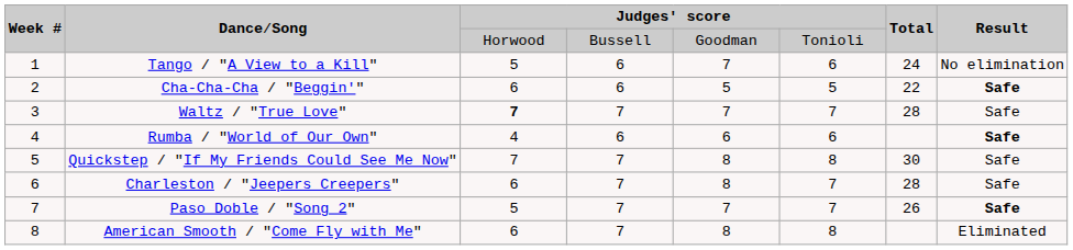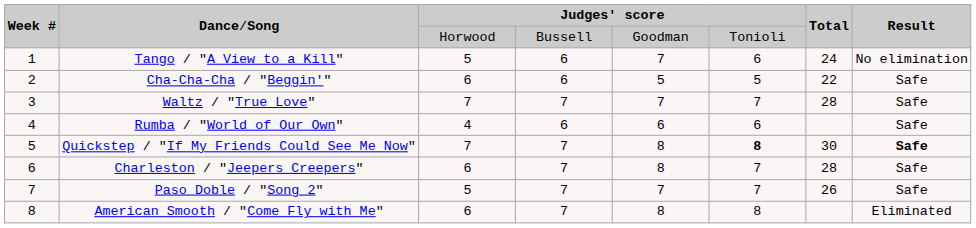 <table class="wikitable" style="margin:left;">
 <tr style="text-align:Center; background:#ccc;">
 <td rowspan="2"><strong>Week #</strong></td>
 <td rowspan="2"><strong>Dance</strong>/<strong>Song</strong></td>
 <td colspan="4"><strong>Judges' score</strong></td>
 <td rowspan="2"><strong>Total</strong></td>
 <td rowspan="2"><strong>Result</strong></td>
 </tr>
 <tr style="text-align:center; background:#ccc;">
 <td style="width:10%; ">Horwood</td>
 <td style="width:10%; ">Bussell</td>
 <td style="width:10%; ">Goodman</td>
 <td style="width:10%; ">Tonioli</td>
 </tr>
 <tr style="text-align:center; background:#faf6f6;">
 <td>1</td>
 <td><a href='#'>Tango</a> / "<a href='#'>A View to a Kill</a>"</td>
 <td>5</td>
 <td>6</td>
 <td>7</td>
 <td>6</td>
 <td>24</td>
 <td>No elimination</td>
 </tr>
 <tr style="text-align:center; background:#faf6f6;">
 <td>2</td>
 <td><a href='#'>Cha-Cha-Cha</a> / "<a href='#'>Beggin'</a>"</td>
 <td>6</td>
 <td>6</td>
 <td>5</td>
 <td>5</td>
 <td>22</td>
-<td><strong>Safe</strong></td>
+<td>Safe</td>
 </tr>
 <tr style="text-align:center; background:#faf6f6;">
 <td>3</td>
 <td><a href='#'>Waltz</a> / "<a href='#'>True Love</a>"</td>
-<td><strong>7</strong></td>
+<td>7</td>
 <td>7</td>
 <td>7</td>
 <td>7</td>
 <td>28</td>
 <td>Safe</td>
 </tr>
 <tr style="text-align:center; background:#faf6f6;">
 <td>4</td>
 <td><a href='#'>Rumba</a> / "<a href='#'>World of Our Own</a>"</td>
 <td>4</td>
 <td>6</td>
 <td>6</td>
 <td>6</td>
 <td></td>
-<td><strong>Safe</strong></td>
+<td>Safe</td>
 </tr>
 <tr style="text-align:center; background:#faf6f6;">
 <td>5</td>
 <td><a href='#'>Quickstep</a> / "<a href='#'>If My Friends Could See Me Now</a>"</td>
 <td>7</td>
 <td>7</td>
 <td>8</td>
-<td>8</td>
+<td><strong>8</strong></td>
 <td>30</td>
-<td>Safe</td>
+<td><strong>Safe</strong></td>
 </tr>
 <tr style="text-align:center; background:#faf6f6;">
 <td>6</td>
 <td><a href='#'>Charleston</a> / "<a href='#'>Jeepers Creepers</a>"</td>
 <td>6</td>
 <td>7</td>
 <td>8</td>
 <td>7</td>
 <td>28</td>
 <td>Safe</td>
 </tr>
 <tr style="text-align:center; background:#faf6f6;">
 <td>7</td>
 <td><a href='#'>Paso Doble</a> / "<a href='#'>Song 2</a>"</td>
 <td>5</td>
 <td>7</td>
 <td>7</td>
 <td>7</td>
 <td>26</td>
-<td><strong>Safe</strong></td>
+<td>Safe</td>
 </tr>
 <tr style="text-align:center; background:#faf6f6;">
 <td>8</td>
 <td><a href='#'>American Smooth</a> / "<a href='#'>Come Fly with Me</a>"</td>
 <td>6</td>
 <td>7</td>
 <td>8</td>
 <td>8</td>
 <td></td>
 <td>Eliminated</td>
 </tr>
 </table>
